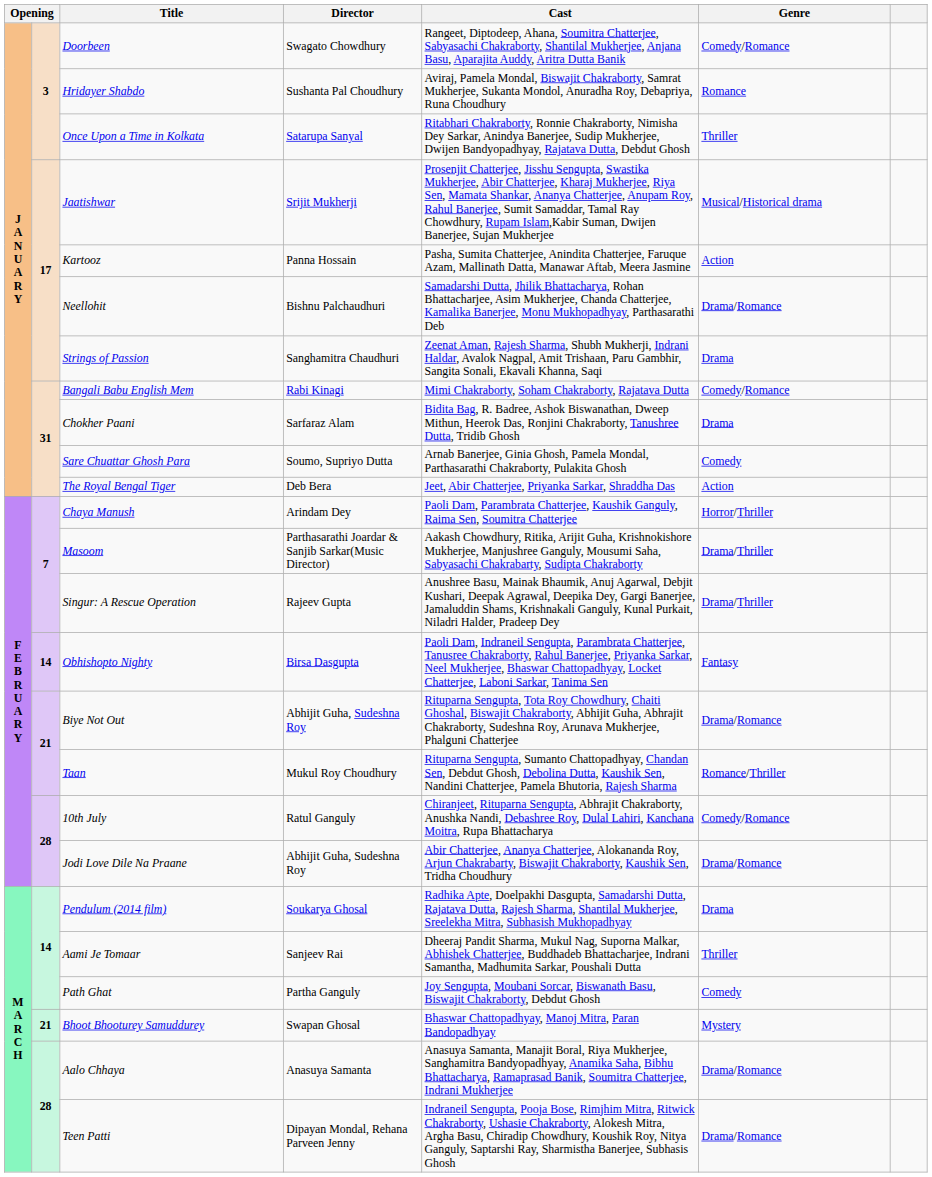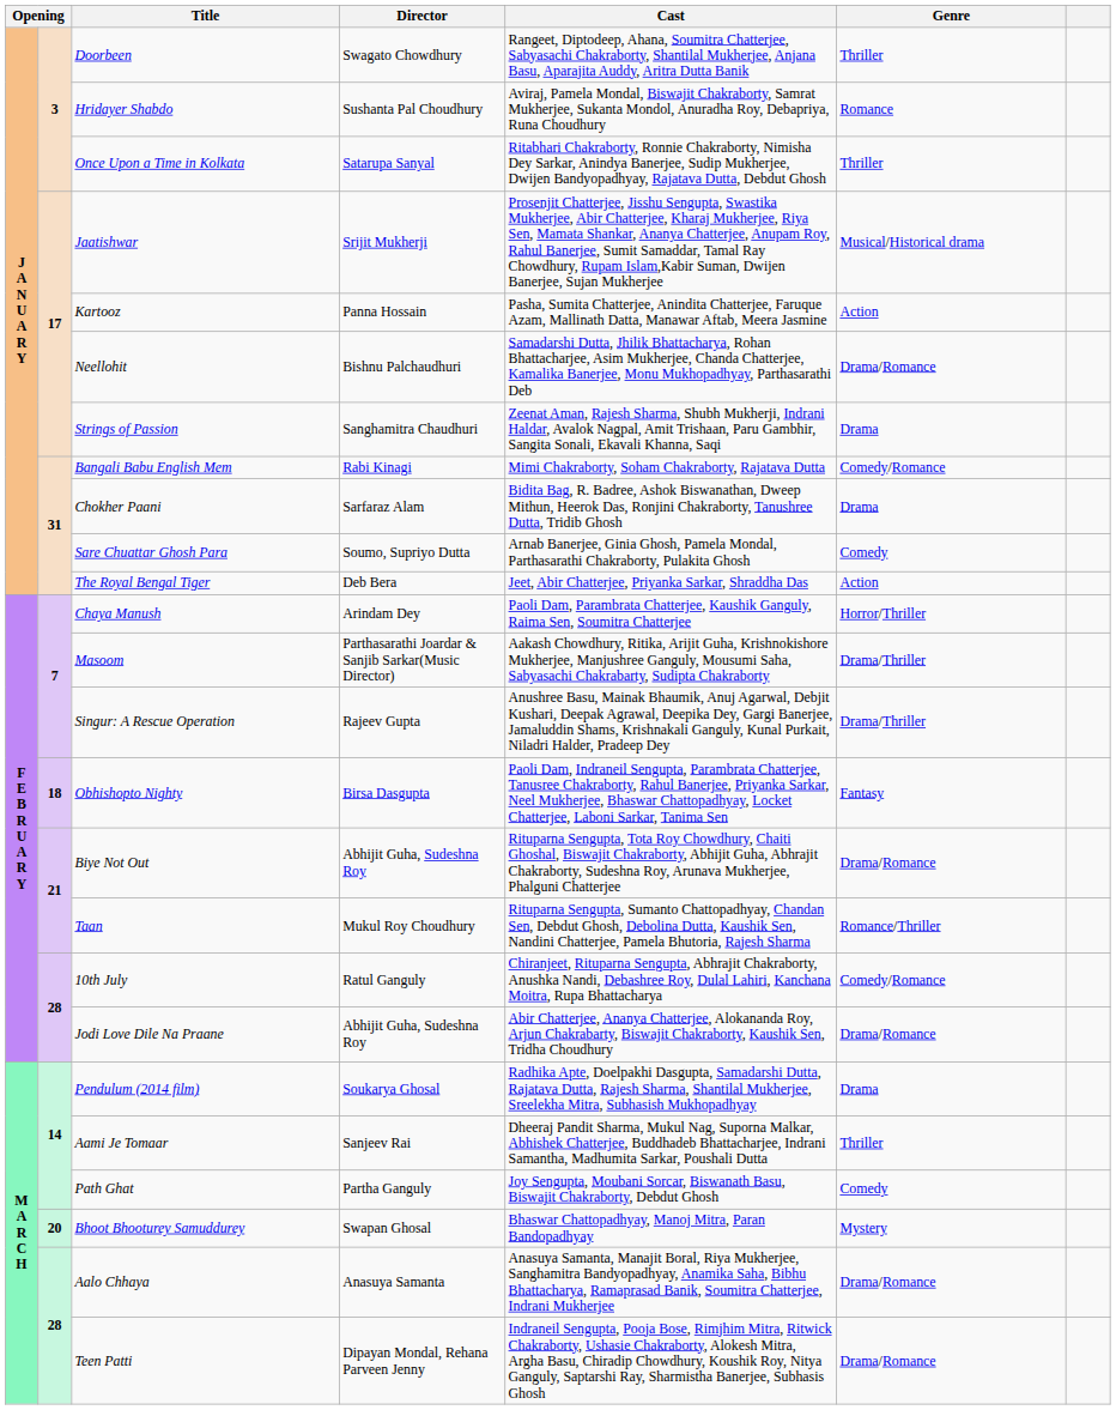 <table class="wikitable sortable">
 <tr>
 <th colspan="2" style="width:6%;"><strong>Opening</strong></th>
 <th>Title</th>
 <th style="width:15%;">Director</th>
 <th style="width:30%;">Cast</th>
 <th>Genre</th>
 <th style="width:4%;"></th>
 </tr>
 <tr>
 <td rowspan="11" style="text-align:center; background:#f7bf87; textcolor:#000;"><strong>J<br>A<br>N<br>U<br>A<br>R<br>Y</strong></td>
 <td rowspan="3" style="text-align:center; background:#f7dfc7; textcolor:#000;"><strong>3</strong></td>
 <td><em><a href='#'>Doorbeen</a></em></td>
 <td>Swagato Chowdhury</td>
 <td>Rangeet, Diptodeep, Ahana, <a href='#'>Soumitra Chatterjee</a>, <a href='#'>Sabyasachi Chakraborty</a>, <a href='#'>Shantilal Mukherjee</a>, <a href='#'>Anjana Basu</a>, <a href='#'>Aparajita Auddy</a>, <a href='#'>Aritra Dutta Banik</a></td>
-<td><a href='#'>Comedy</a>/<a href='#'>Romance</a></td>
+<td><a href='#'>Thriller</a></td>
 <td></td>
 </tr>
 <tr>
 <td><em><a href='#'>Hridayer Shabdo</a></em></td>
 <td>Sushanta Pal Choudhury</td>
 <td>Aviraj, Pamela Mondal, <a href='#'>Biswajit Chakraborty</a>, Samrat Mukherjee, Sukanta Mondol, Anuradha Roy, Debapriya, Runa Choudhury</td>
 <td><a href='#'>Romance</a></td>
 <td></td>
 </tr>
 <tr>
 <td><em><a href='#'>Once Upon a Time in Kolkata</a></em></td>
 <td><a href='#'>Satarupa Sanyal</a></td>
 <td><a href='#'>Ritabhari Chakraborty</a>, Ronnie Chakraborty, Nimisha Dey Sarkar, Anindya Banerjee, Sudip Mukherjee, Dwijen Bandyopadhyay, <a href='#'>Rajatava Dutta</a>, Debdut Ghosh</td>
 <td><a href='#'>Thriller</a></td>
 <td></td>
 </tr>
 <tr>
 <td rowspan="4" style="text-align:center; background:#f7dfc7; textcolor:#000;"><strong>17</strong></td>
 <td><em><a href='#'>Jaatishwar</a></em></td>
 <td><a href='#'>Srijit Mukherji</a></td>
 <td><a href='#'>Prosenjit Chatterjee</a>, <a href='#'>Jisshu Sengupta</a>, <a href='#'>Swastika Mukherjee</a>, <a href='#'>Abir Chatterjee</a>, <a href='#'>Kharaj Mukherjee</a>, <a href='#'>Riya Sen</a>, <a href='#'>Mamata Shankar</a>, <a href='#'>Ananya Chatterjee</a>, <a href='#'>Anupam Roy</a>, <a href='#'>Rahul Banerjee</a>, Sumit Samaddar, Tamal Ray Chowdhury, <a href='#'>Rupam Islam</a>,Kabir Suman, Dwijen Banerjee, Sujan Mukherjee</td>
 <td><a href='#'>Musical</a>/<a href='#'>Historical drama</a></td>
 <td></td>
 </tr>
 <tr>
 <td><em>Kartooz</em></td>
 <td>Panna Hossain</td>
 <td>Pasha, Sumita Chatterjee, Anindita Chatterjee, Faruque Azam, Mallinath Datta, Manawar Aftab, Meera Jasmine</td>
 <td><a href='#'>Action</a></td>
 <td></td>
 </tr>
 <tr>
 <td><em>Neellohit</em></td>
 <td>Bishnu Palchaudhuri</td>
 <td><a href='#'>Samadarshi Dutta</a>, <a href='#'>Jhilik Bhattacharya</a>, Rohan Bhattacharjee, Asim Mukherjee, Chanda Chatterjee, <a href='#'>Kamalika Banerjee</a>, <a href='#'>Monu Mukhopadhyay</a>, Parthasarathi Deb</td>
 <td><a href='#'>Drama</a>/<a href='#'>Romance</a></td>
 <td></td>
 </tr>
 <tr>
 <td><em><a href='#'>Strings of Passion</a></em></td>
 <td>Sanghamitra Chaudhuri</td>
 <td><a href='#'>Zeenat Aman</a>, <a href='#'>Rajesh Sharma</a>, Shubh Mukherji, <a href='#'>Indrani Haldar</a>, Avalok Nagpal, Amit Trishaan, Paru Gambhir, Sangita Sonali, Ekavali Khanna, Saqi</td>
 <td><a href='#'>Drama</a></td>
 <td></td>
 </tr>
 <tr>
 <td rowspan="4" style="text-align:center; background:#f7dfc7; textcolor:#000;"><strong>31</strong></td>
 <td><em><a href='#'>Bangali Babu English Mem</a></em></td>
 <td><a href='#'>Rabi Kinagi</a></td>
 <td><a href='#'>Mimi Chakraborty</a>, <a href='#'>Soham Chakraborty</a>, <a href='#'>Rajatava Dutta</a></td>
 <td><a href='#'>Comedy</a>/<a href='#'>Romance</a></td>
 <td></td>
 </tr>
 <tr>
 <td><em>Chokher Paani</em></td>
 <td>Sarfaraz Alam</td>
 <td><a href='#'>Bidita Bag</a>, R. Badree, Ashok Biswanathan, Dweep Mithun, Heerok Das, Ronjini Chakraborty, <a href='#'>Tanushree Dutta</a>, Tridib Ghosh</td>
 <td><a href='#'>Drama</a></td>
 <td></td>
 </tr>
 <tr>
 <td><em><a href='#'>Sare Chuattar Ghosh Para</a></em></td>
 <td>Soumo, Supriyo Dutta</td>
 <td>Arnab Banerjee, Ginia Ghosh, Pamela Mondal, Parthasarathi Chakraborty, Pulakita Ghosh</td>
 <td><a href='#'>Comedy</a></td>
 <td></td>
 </tr>
 <tr>
 <td><em><a href='#'>The Royal Bengal Tiger</a></em></td>
 <td>Deb Bera</td>
 <td><a href='#'>Jeet</a>, <a href='#'>Abir Chatterjee</a>, <a href='#'>Priyanka Sarkar</a>, <a href='#'>Shraddha Das</a></td>
 <td><a href='#'>Action</a></td>
 <td></td>
 </tr>
 <tr>
 <td rowspan="8" style="text-align:center; background:#bf87f7; textcolor:#000;"><strong>F<br>E<br>B<br>R<br>U<br>A<br>R<br>Y</strong></td>
 <td rowspan="3" style="text-align:center; background:#dfc7f7; textcolor:#000;"><strong>7</strong></td>
 <td><em><a href='#'>Chaya Manush</a></em></td>
 <td>Arindam Dey</td>
 <td><a href='#'>Paoli Dam</a>, <a href='#'>Parambrata Chatterjee</a>, <a href='#'>Kaushik Ganguly</a>, <a href='#'>Raima Sen</a>, <a href='#'>Soumitra Chatterjee</a></td>
 <td><a href='#'>Horror</a>/<a href='#'>Thriller</a></td>
 <td></td>
 </tr>
 <tr>
 <td><em><a href='#'>Masoom</a></em></td>
 <td>Parthasarathi Joardar & Sanjib Sarkar(Music Director)</td>
 <td>Aakash Chowdhury, Ritika, Arijit Guha, Krishnokishore Mukherjee, Manjushree Ganguly, Mousumi Saha, <a href='#'>Sabyasachi Chakrabarty</a>, <a href='#'>Sudipta Chakraborty</a></td>
 <td><a href='#'>Drama</a>/<a href='#'>Thriller</a></td>
 <td></td>
 </tr>
 <tr>
 <td><em>Singur: A Rescue Operation</em></td>
 <td>Rajeev Gupta</td>
 <td>Anushree Basu, Mainak Bhaumik, Anuj Agarwal, Debjit Kushari, Deepak Agrawal, Deepika Dey, Gargi Banerjee, Jamaluddin Shams, Krishnakali Ganguly, Kunal Purkait, Niladri Halder, Pradeep Dey</td>
 <td><a href='#'>Drama</a>/<a href='#'>Thriller</a></td>
 <td></td>
 </tr>
 <tr>
-<td rowspan="1" style="text-align:center; background:#dfc7f7; textcolor:#000;"><strong>14</strong></td>
+<td rowspan="1" style="text-align:center; background:#dfc7f7; textcolor:#000;"><strong>18</strong></td>
 <td><em><a href='#'>Obhishopto Nighty</a></em></td>
 <td><a href='#'>Birsa Dasgupta</a></td>
 <td><a href='#'>Paoli Dam</a>, <a href='#'>Indraneil Sengupta</a>, <a href='#'>Parambrata Chatterjee</a>, <a href='#'>Tanusree Chakraborty</a>, <a href='#'>Rahul Banerjee</a>, <a href='#'>Priyanka Sarkar</a>, <a href='#'>Neel Mukherjee</a>, <a href='#'>Bhaswar Chattopadhyay</a>, <a href='#'>Locket Chatterjee</a>, <a href='#'>Laboni Sarkar</a>, <a href='#'>Tanima Sen</a></td>
 <td><a href='#'>Fantasy</a></td>
 <td></td>
 </tr>
 <tr>
 <td rowspan="2" style="text-align:center; background:#dfc7f7; textcolor:#000;"><strong>21</strong></td>
 <td><em>Biye Not Out</em></td>
 <td>Abhijit Guha, <a href='#'>Sudeshna Roy</a></td>
 <td><a href='#'>Rituparna Sengupta</a>, <a href='#'>Tota Roy Chowdhury</a>, <a href='#'>Chaiti Ghoshal</a>, <a href='#'>Biswajit Chakraborty</a>, Abhijit Guha, Abhrajit Chakraborty, Sudeshna Roy, Arunava Mukherjee, Phalguni Chatterjee</td>
 <td><a href='#'>Drama</a>/<a href='#'>Romance</a></td>
 <td></td>
 </tr>
 <tr>
 <td><em><a href='#'>Taan</a></em></td>
 <td>Mukul Roy Choudhury</td>
 <td><a href='#'>Rituparna Sengupta</a>, Sumanto Chattopadhyay, <a href='#'>Chandan Sen</a>, Debdut Ghosh, <a href='#'>Debolina Dutta</a>, <a href='#'>Kaushik Sen</a>, Nandini Chatterjee, Pamela Bhutoria, <a href='#'>Rajesh Sharma</a></td>
 <td><a href='#'>Romance</a>/<a href='#'>Thriller</a></td>
 <td></td>
 </tr>
 <tr>
 <td rowspan="2" style="text-align:center; background:#dfc7f7; textcolor:#000;"><strong>28</strong></td>
 <td><em>10th July</em></td>
 <td>Ratul Ganguly</td>
 <td><a href='#'>Chiranjeet</a>, <a href='#'>Rituparna Sengupta</a>, Abhrajit Chakraborty, Anushka Nandi, <a href='#'>Debashree Roy</a>, <a href='#'>Dulal Lahiri</a>, <a href='#'>Kanchana Moitra</a>, Rupa Bhattacharya</td>
 <td><a href='#'>Comedy</a>/<a href='#'>Romance</a></td>
 <td></td>
 </tr>
 <tr>
 <td><em>Jodi Love Dile Na Praane</em></td>
 <td>Abhijit Guha, Sudeshna Roy</td>
 <td><a href='#'>Abir Chatterjee</a>, <a href='#'>Ananya Chatterjee</a>, Alokananda Roy, <a href='#'>Arjun Chakrabarty</a>, <a href='#'>Biswajit Chakraborty</a>, <a href='#'>Kaushik Sen</a>, Tridha Choudhury</td>
 <td><a href='#'>Drama</a>/<a href='#'>Romance</a></td>
 <td></td>
 </tr>
 <tr>
 <td rowspan="6" style="text-align:center; background:#87f7bf; textcolor:#000;"><strong>M<br>A<br>R<br>C<br>H</strong></td>
 <td rowspan="3" style="text-align:center; background:#c7f7df; textcolor:#000;"><strong>14</strong></td>
 <td><em><a href='#'>Pendulum (2014 film)</a></em></td>
 <td><a href='#'>Soukarya Ghosal</a></td>
 <td><a href='#'>Radhika Apte</a>, Doelpakhi Dasgupta, <a href='#'>Samadarshi Dutta</a>, <a href='#'>Rajatava Dutta</a>, <a href='#'>Rajesh Sharma</a>, <a href='#'>Shantilal Mukherjee</a>, <a href='#'>Sreelekha Mitra</a>, <a href='#'>Subhasish Mukhopadhyay</a></td>
 <td><a href='#'>Drama</a></td>
 <td></td>
 </tr>
 <tr>
 <td><em>Aami Je Tomaar</em></td>
 <td>Sanjeev Rai</td>
 <td>Dheeraj Pandit Sharma, Mukul Nag, Suporna Malkar, <a href='#'>Abhishek Chatterjee</a>, Buddhadeb Bhattacharjee, Indrani Samantha, Madhumita Sarkar, Poushali Dutta</td>
 <td><a href='#'>Thriller</a></td>
 <td></td>
 </tr>
 <tr>
 <td><em>Path Ghat</em></td>
 <td>Partha Ganguly</td>
 <td><a href='#'>Joy Sengupta</a>, <a href='#'>Moubani Sorcar</a>, <a href='#'>Biswanath Basu</a>, <a href='#'>Biswajit Chakraborty</a>, Debdut Ghosh</td>
 <td><a href='#'>Comedy</a></td>
 <td></td>
 </tr>
 <tr>
-<td rowspan="1" style="text-align:center; background:#c7f7df; textcolor:#000;"><strong>21</strong></td>
+<td rowspan="1" style="text-align:center; background:#c7f7df; textcolor:#000;"><strong>20</strong></td>
 <td><em><a href='#'>Bhoot Bhooturey Samuddurey</a></em></td>
 <td>Swapan Ghosal</td>
 <td><a href='#'>Bhaswar Chattopadhyay</a>, <a href='#'>Manoj Mitra</a>, <a href='#'>Paran Bandopadhyay</a></td>
 <td><a href='#'>Mystery</a></td>
 <td></td>
 </tr>
 <tr>
 <td rowspan="2" style="text-align:center; background:#c7f7df; textcolor:#000;"><strong>28</strong></td>
 <td><em>Aalo Chhaya</em></td>
 <td>Anasuya Samanta</td>
 <td>Anasuya Samanta, Manajit Boral, Riya Mukherjee, Sanghamitra Bandyopadhyay, <a href='#'>Anamika Saha</a>, <a href='#'>Bibhu Bhattacharya</a>, <a href='#'>Ramaprasad Banik</a>, <a href='#'>Soumitra Chatterjee</a>, <a href='#'>Indrani Mukherjee</a></td>
 <td><a href='#'>Drama</a>/<a href='#'>Romance</a></td>
 <td></td>
 </tr>
 <tr>
 <td><em>Teen Patti</em></td>
 <td>Dipayan Mondal, Rehana Parveen Jenny</td>
 <td><a href='#'>Indraneil Sengupta</a>, <a href='#'>Pooja Bose</a>, <a href='#'>Rimjhim Mitra</a>, <a href='#'>Ritwick Chakraborty</a>, <a href='#'>Ushasie Chakraborty</a>, Alokesh Mitra, Argha Basu, Chiradip Chowdhury, Koushik Roy, Nitya Ganguly, Saptarshi Ray, Sharmistha Banerjee, Subhasis Ghosh</td>
 <td><a href='#'>Drama</a>/<a href='#'>Romance</a></td>
 <td></td>
 </tr>
 </table>
